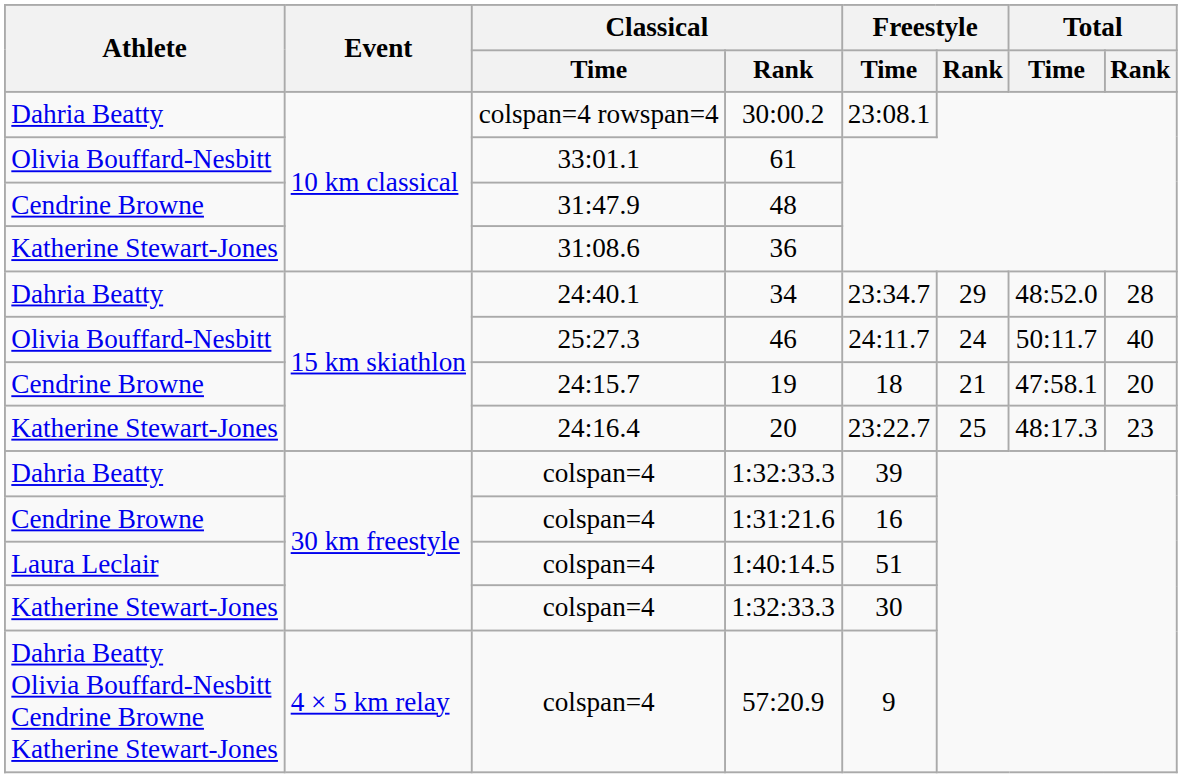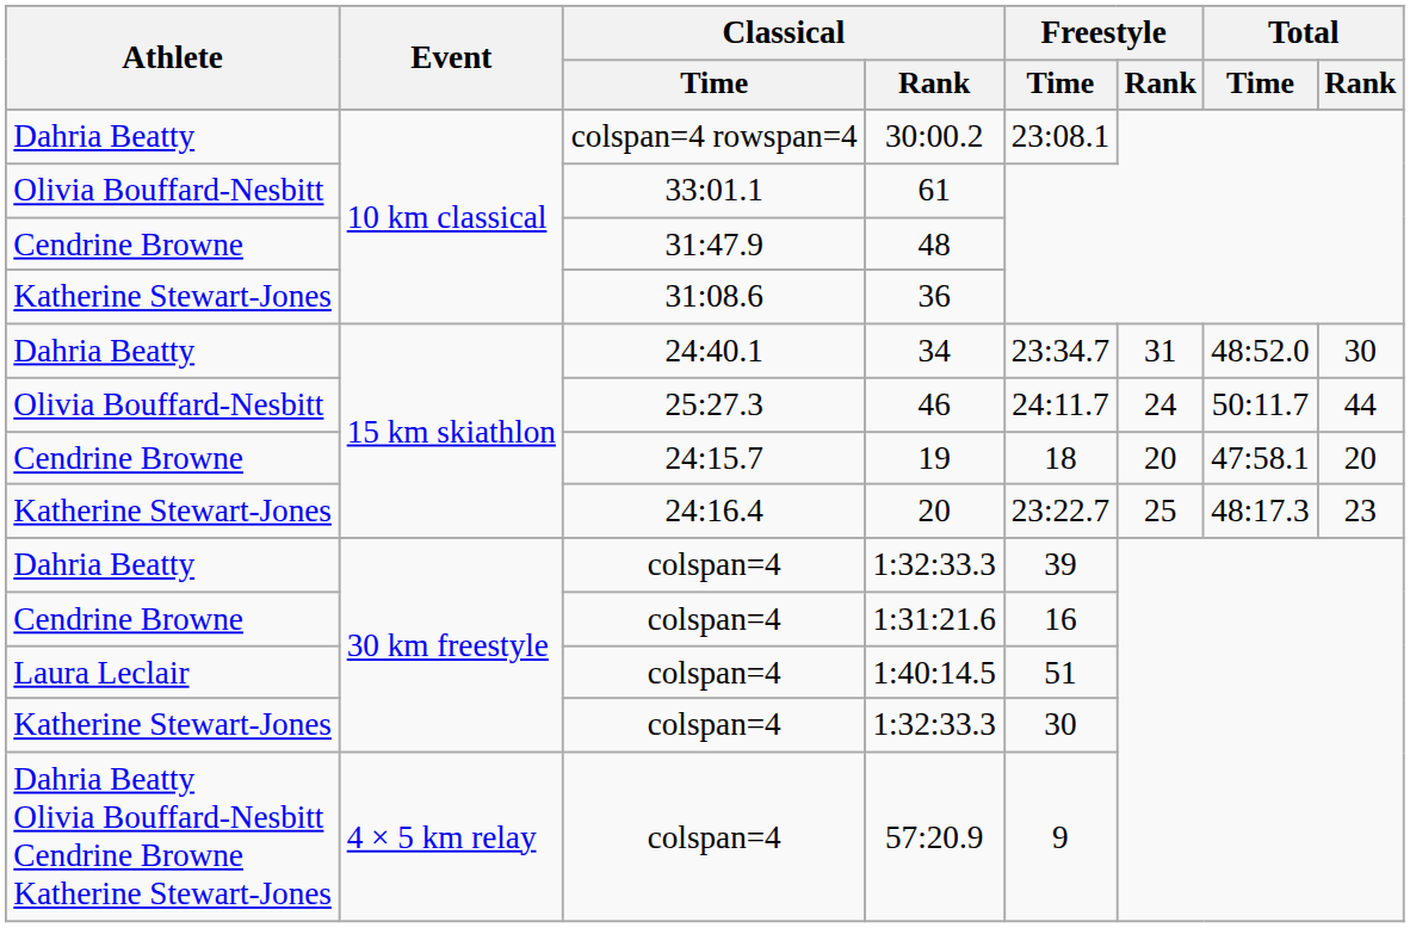 <table class=wikitable style=font-size:90%;text-align:center>
 <tr>
 <th rowspan=2>Athlete</th>
 <th rowspan=2>Event</th>
 <th colspan=2>Classical</th>
 <th colspan=2>Freestyle</th>
 <th colspan=2>Total</th>
 </tr>
 <tr style=font-size:95%>
 <th>Time</th>
 <th>Rank</th>
 <th>Time</th>
 <th>Rank</th>
 <th>Time</th>
 <th>Rank</th>
 </tr>
 <tr>
 <td align=left><a href='#'>Dahria Beatty</a></td>
 <td align=left rowspan=4><a href='#'>10 km classical</a></td>
 <td>colspan=4 rowspan=4 </td>
 <td>30:00.2</td>
 <td>23:08.1</td>
 </tr>
 <tr>
 <td align=left><a href='#'>Olivia Bouffard-Nesbitt</a></td>
 <td>33:01.1</td>
 <td>61</td>
 </tr>
 <tr>
 <td align=left><a href='#'>Cendrine Browne</a></td>
 <td>31:47.9</td>
 <td>48</td>
 </tr>
 <tr>
 <td align=left><a href='#'>Katherine Stewart-Jones</a></td>
 <td>31:08.6</td>
 <td>36</td>
 </tr>
 <tr>
 <td align=left><a href='#'>Dahria Beatty</a></td>
 <td align=left rowspan=4><a href='#'>15 km skiathlon</a></td>
 <td>24:40.1</td>
 <td>34</td>
 <td>23:34.7</td>
-<td>29</td>
+<td>31</td>
 <td>48:52.0</td>
-<td>28</td>
+<td>30</td>
 </tr>
 <tr>
 <td align=left><a href='#'>Olivia Bouffard-Nesbitt</a></td>
 <td>25:27.3</td>
 <td>46</td>
 <td>24:11.7</td>
 <td>24</td>
 <td>50:11.7</td>
-<td>40</td>
+<td>44</td>
 </tr>
 <tr>
 <td align=left><a href='#'>Cendrine Browne</a></td>
 <td>24:15.7</td>
 <td>19</td>
 <td>18</td>
-<td>21</td>
+<td>20</td>
 <td>47:58.1</td>
 <td>20</td>
 </tr>
 <tr>
 <td align=left><a href='#'>Katherine Stewart-Jones</a></td>
 <td>24:16.4</td>
 <td>20</td>
 <td>23:22.7</td>
 <td>25</td>
 <td>48:17.3</td>
 <td>23</td>
 </tr>
 <tr>
 <td align=left><a href='#'>Dahria Beatty</a></td>
 <td align=left rowspan=4><a href='#'>30 km freestyle</a></td>
 <td>colspan=4 </td>
 <td>1:32:33.3</td>
 <td>39</td>
 </tr>
 <tr>
 <td align=left><a href='#'>Cendrine Browne</a></td>
 <td>colspan=4 </td>
 <td>1:31:21.6</td>
 <td>16</td>
 </tr>
 <tr>
 <td align=left><a href='#'>Laura Leclair</a></td>
 <td>colspan=4 </td>
 <td>1:40:14.5</td>
 <td>51</td>
 </tr>
 <tr>
 <td align=left><a href='#'>Katherine Stewart-Jones</a></td>
 <td>colspan=4 </td>
 <td>1:32:33.3</td>
 <td>30</td>
 </tr>
 <tr>
 <td align=left><a href='#'>Dahria Beatty</a><br><a href='#'>Olivia Bouffard-Nesbitt</a><br><a href='#'>Cendrine Browne</a><br><a href='#'>Katherine Stewart-Jones</a></td>
 <td align=left><a href='#'>4 × 5 km relay</a></td>
 <td>colspan=4 </td>
 <td>57:20.9</td>
 <td>9</td>
 </tr>
 </table>
